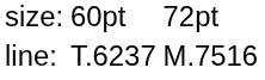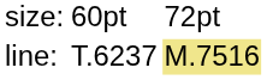 <table style="margin-left:40px;">
 <tr>
 <td>size:</td>
 <td>60pt</td>
 <td>72pt</td>
 </tr>
 <tr>
 <td>line:</td>
 <td>T.6237</td>
-<td>M.7516</td>
+<td style="background: khaki;">M.7516</td>
 </tr>
 </table>
